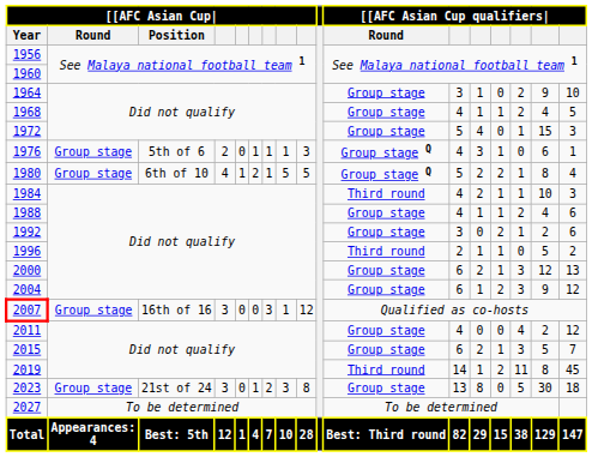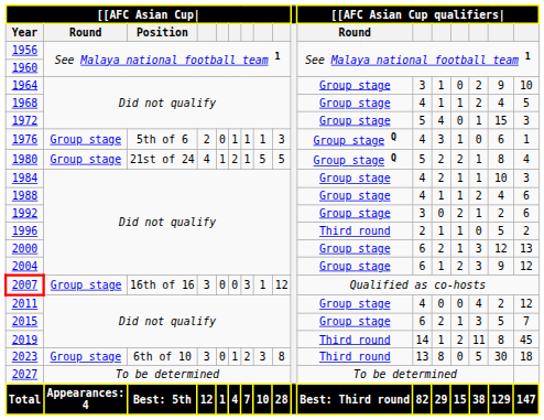 <table class="wikitable" style="text-align: center;font-size:100%;">
 <tr>
 <th colspan=9 style="background: #000000; color: #FFFFFF; border:2px solid #FFFF00;">[[AFC Asian Cup|</th>
 <th style="background: #000000; color: #FFFFFF;"></th>
 <th colspan=7 style="background: #000000; color: #FFFFFF; border:2px solid #FFFF00;">[[AFC Asian Cup qualifiers|</th>
 </tr>
 <tr>
 <th>Year</th>
 <th>Round</th>
 <th>Position</th>
 <th></th>
 <th></th>
 <th></th>
 <th></th>
 <th></th>
 <th></th>
 <th rowspan="20"></th>
 <th>Round</th>
 <th></th>
 <th></th>
 <th></th>
 <th></th>
 <th></th>
 <th></th>
 </tr>
 <tr>
 <td> <a href='#'>1956</a></td>
 <td rowspan="2" colspan="8"><em>See <a href='#'>Malaya national football team</a></em> <strong><sup>1</sup></strong></td>
 <td rowspan="2" colspan="8"><em>See <a href='#'>Malaya national football team</a></em> <strong><sup>1</sup></strong></td>
 </tr>
 <tr>
 <td> <a href='#'>1960</a></td>
 </tr>
 <tr>
 <td> <a href='#'>1964</a></td>
 <td rowspan="3" colspan="8"><em>Did not qualify</em></td>
 <td><a href='#'>Group stage</a></td>
 <td>3</td>
 <td>1</td>
 <td>0</td>
 <td>2</td>
 <td>9</td>
 <td>10</td>
 </tr>
 <tr>
 <td> <a href='#'>1968</a></td>
 <td><a href='#'>Group stage</a></td>
 <td>4</td>
 <td>1</td>
 <td>1</td>
 <td>2</td>
 <td>4</td>
 <td>5</td>
 </tr>
 <tr>
 <td> <a href='#'>1972</a></td>
 <td><a href='#'>Group stage</a></td>
 <td>5</td>
 <td>4</td>
 <td>0</td>
 <td>1</td>
 <td>15</td>
 <td>3</td>
 </tr>
 <tr>
 <td> <a href='#'>1976</a></td>
 <td><a href='#'>Group stage</a></td>
 <td>5th of 6</td>
 <td>2</td>
 <td>0</td>
 <td>1</td>
 <td>1</td>
 <td>1</td>
 <td>3</td>
 <td><a href='#'>Group stage</a> <strong><sup>Q</sup></strong></td>
 <td>4</td>
 <td>3</td>
 <td>1</td>
 <td>0</td>
 <td>6</td>
 <td>1</td>
 </tr>
 <tr>
 <td> <a href='#'>1980</a></td>
 <td><a href='#'>Group stage</a></td>
-<td>6th of 10</td>
+<td>21st of 24</td>
 <td>4</td>
 <td>1</td>
 <td>2</td>
 <td>1</td>
 <td>5</td>
 <td>5</td>
 <td><a href='#'>Group stage</a> <strong><sup>Q</sup></strong></td>
 <td>5</td>
 <td>2</td>
 <td>2</td>
 <td>1</td>
 <td>8</td>
 <td>4</td>
 </tr>
 <tr>
 <td> <a href='#'>1984</a></td>
 <td rowspan="6" colspan="8"><em>Did not qualify</em></td>
-<td><a href='#'>Third round</a></td>
+<td><a href='#'>Group stage</a></td>
 <td>4</td>
 <td>2</td>
 <td>1</td>
 <td>1</td>
 <td>10</td>
 <td>3</td>
 </tr>
 <tr>
 <td> <a href='#'>1988</a></td>
 <td><a href='#'>Group stage</a></td>
 <td>4</td>
 <td>1</td>
 <td>1</td>
 <td>2</td>
 <td>4</td>
 <td>6</td>
 </tr>
 <tr>
 <td> <a href='#'>1992</a></td>
 <td><a href='#'>Group stage</a></td>
 <td>3</td>
 <td>0</td>
 <td>2</td>
 <td>1</td>
 <td>2</td>
 <td>6</td>
 </tr>
 <tr>
 <td> <a href='#'>1996</a></td>
 <td><a href='#'>Third round</a></td>
 <td>2</td>
 <td>1</td>
 <td>1</td>
 <td>0</td>
 <td>5</td>
 <td>2</td>
 </tr>
 <tr>
 <td> <a href='#'>2000</a></td>
 <td><a href='#'>Group stage</a></td>
 <td>6</td>
 <td>2</td>
 <td>1</td>
 <td>3</td>
 <td>12</td>
 <td>13</td>
 </tr>
 <tr>
 <td> <a href='#'>2004</a></td>
 <td><a href='#'>Group stage</a></td>
 <td>6</td>
 <td>1</td>
 <td>2</td>
 <td>3</td>
 <td>9</td>
 <td>12</td>
 </tr>
 <tr>
 <td style="border: 3px solid red">    <a href='#'>2007</a></td>
 <td><a href='#'>Group stage</a></td>
 <td>16th of 16</td>
 <td>3</td>
 <td>0</td>
 <td>0</td>
 <td>3</td>
 <td>1</td>
 <td>12</td>
 <td colspan=7><em>Qualified as co-hosts</em></td>
 </tr>
 <tr>
 <td> <a href='#'>2011</a></td>
 <td rowspan="3" colspan="8"><em>Did not qualify</em></td>
 <td><a href='#'>Group stage</a></td>
 <td>4</td>
 <td>0</td>
 <td>0</td>
 <td>4</td>
 <td>2</td>
 <td>12</td>
 </tr>
 <tr>
 <td> <a href='#'>2015</a></td>
 <td><a href='#'>Group stage</a></td>
 <td>6</td>
 <td>2</td>
 <td>1</td>
 <td>3</td>
 <td>5</td>
 <td>7</td>
 </tr>
 <tr>
 <td> <a href='#'>2019</a></td>
 <td><a href='#'>Third round</a></td>
 <td>14</td>
 <td>1</td>
 <td>2</td>
 <td>11</td>
 <td>8</td>
 <td>45</td>
 </tr>
 <tr>
 <td> <a href='#'>2023</a></td>
 <td><a href='#'>Group stage</a></td>
-<td>21st of 24</td>
+<td>6th of 10</td>
 <td>3</td>
 <td>0</td>
 <td>1</td>
 <td>2</td>
 <td>3</td>
 <td>8</td>
-<td><a href='#'>Group stage</a></td>
+<td><a href='#'>Third round</a></td>
 <td>13</td>
 <td>8</td>
 <td>0</td>
 <td>5</td>
 <td>30</td>
 <td>18</td>
 </tr>
 <tr>
 <td> <a href='#'>2027</a></td>
 <td colspan="8"><em>To be determined</em></td>
 <td colspan=6><em>To be determined</em></td>
 </tr>
 <tr>
 <td style="background: #000000; color: #FFFFFF; border:2px solid #FFFF00;"><strong>Total</strong></td>
 <td style="background: #000000; color: #FFFFFF; border:2px solid #FFFF00;"><strong>Appearances:</strong><br><strong>4</strong></td>
 <td style="background: #000000; color: #FFFFFF; border:2px solid #FFFF00;"><strong>Best: 5th</strong></td>
 <td style="background: #000000; color: #FFFFFF; border:2px solid #FFFF00;"><strong>12</strong></td>
 <td style="background: #000000; color: #FFFFFF; border:2px solid #FFFF00;"><strong>1</strong></td>
 <td style="background: #000000; color: #FFFFFF; border:2px solid #FFFF00;"><strong>4</strong></td>
 <td style="background: #000000; color: #FFFFFF; border:2px solid #FFFF00;"><strong>7</strong></td>
 <td style="background: #000000; color: #FFFFFF; border:2px solid #FFFF00;"><strong>10</strong></td>
 <td style="background: #000000; color: #FFFFFF; border:2px solid #FFFF00;"><strong>28</strong></td>
 <td style="background: #000000; color: #FFFFFF;"></td>
 <td style="background: #000000; color: #FFFFFF; border:2px solid #FFFF00;"><strong>Best: Third round</strong></td>
 <td style="background: #000000; color: #FFFFFF; border:2px solid #FFFF00;"><strong>82</strong></td>
 <td style="background: #000000; color: #FFFFFF; border:2px solid #FFFF00;"><strong>29</strong></td>
 <td style="background: #000000; color: #FFFFFF; border:2px solid #FFFF00;"><strong>15</strong></td>
 <td style="background: #000000; color: #FFFFFF; border:2px solid #FFFF00;"><strong>38</strong></td>
 <td style="background: #000000; color: #FFFFFF; border:2px solid #FFFF00;"><strong>129</strong></td>
 <td style="background: #000000; color: #FFFFFF; border:2px solid #FFFF00;"><strong>147</strong></td>
 </tr>
 </table>
